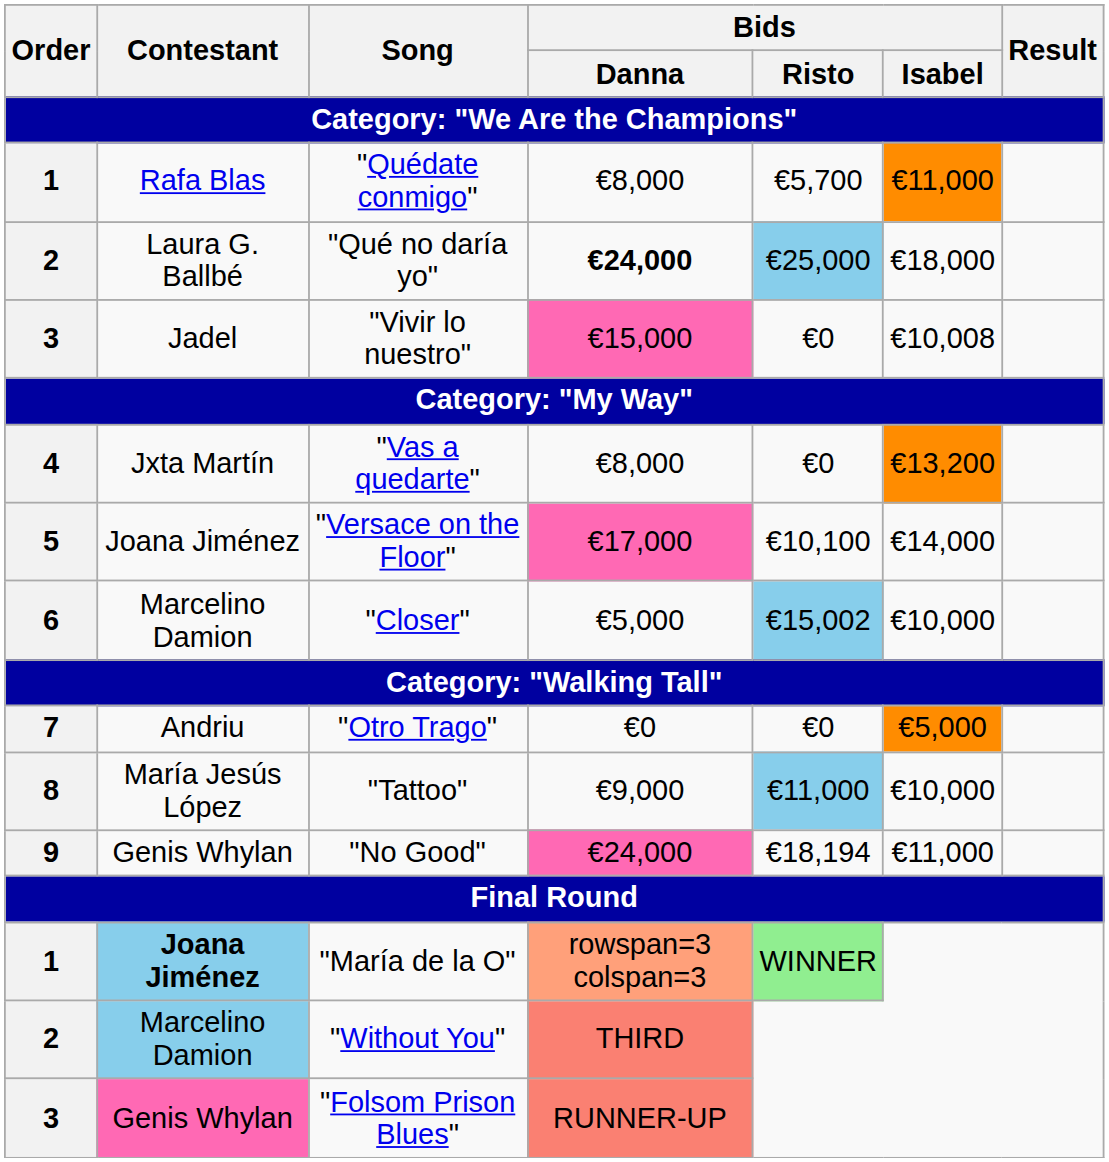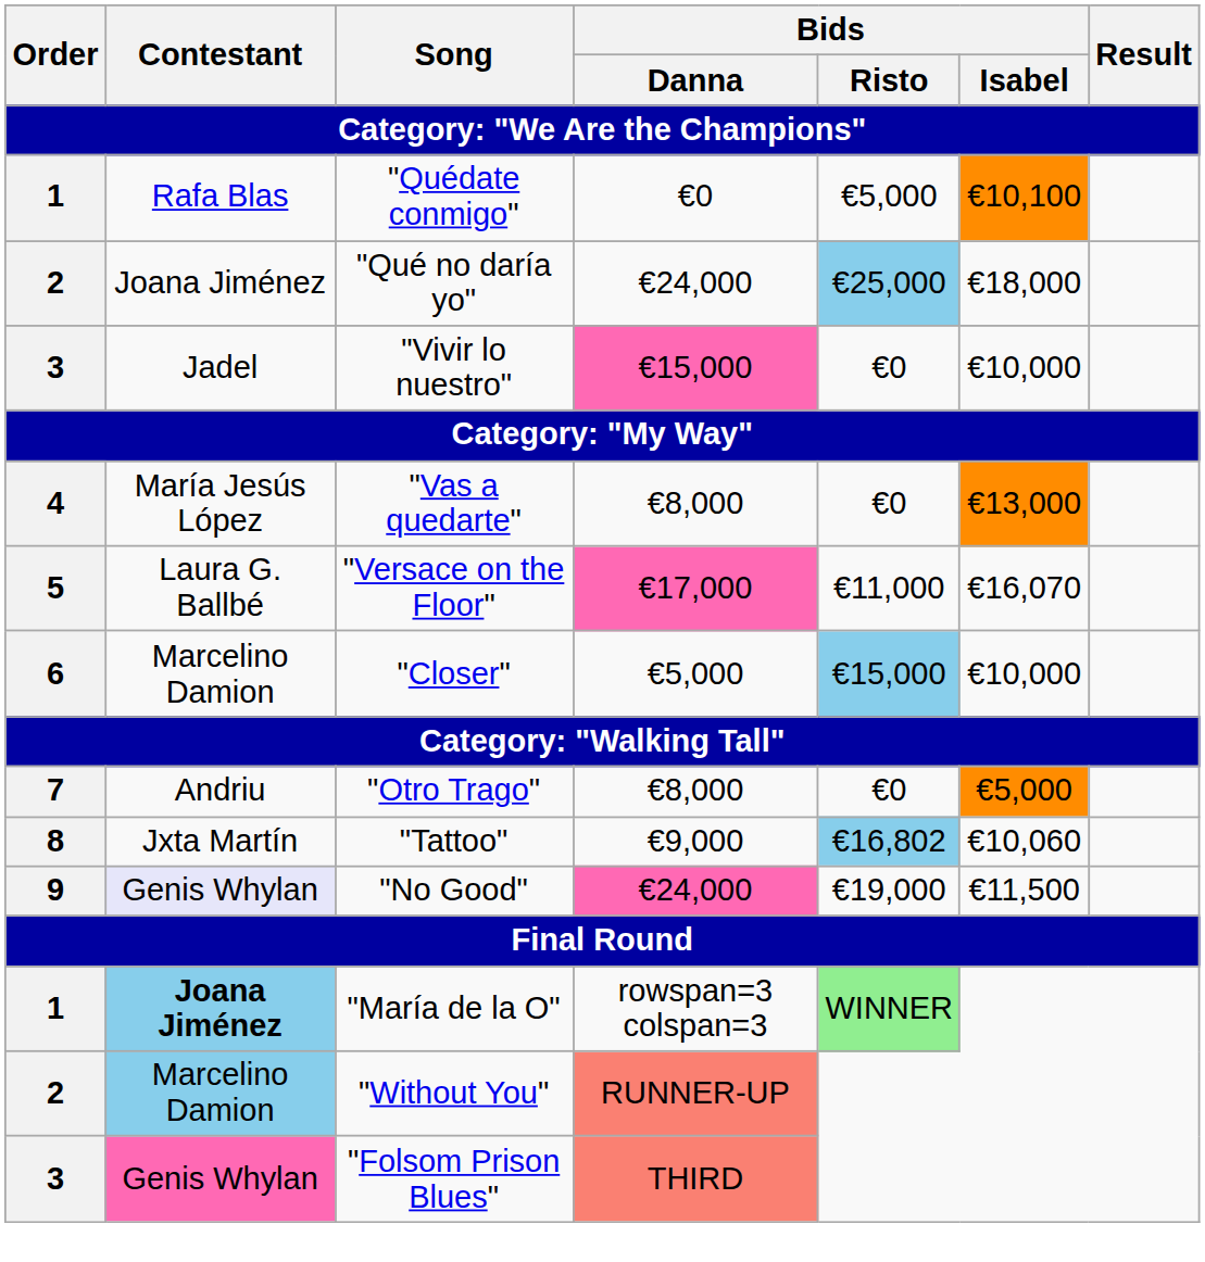 <table class=wikitable>
 <tr>
 <th rowspan=2>Order</th>
 <th rowspan=2>Contestant</th>
 <th rowspan=2>Song</th>
 <th colspan=3>Bids</th>
 <th rowspan=2>Result</th>
 </tr>
 <tr>
 <th>Danna</th>
 <th>Risto</th>
 <th>Isabel</th>
 </tr>
 <tr>
 <th scope="col" colspan="7" style="background:#0000A0; color:white;">Category: "We Are the Champions"</th>
 </tr>
 <tr align=center>
 <th>1</th>
 <td><a href='#'>Rafa Blas</a></td>
 <td>"<a href='#'>Quédate conmigo</a>"</td>
-<td>€8,000</td>
-<td>€5,700</td>
-<td bgcolor=DarkOrange>€11,000</td>
+<td>€0</td>
+<td>€5,000</td>
+<td bgcolor=DarkOrange>€10,100</td>
 <td></td>
 </tr>
 <tr align=center>
 <th>2</th>
-<td>Laura G. Ballbé</td>
+<td>Joana Jiménez</td>
 <td>"Qué no daría yo"</td>
-<td><strong>€24,000</strong></td>
+<td>€24,000</td>
 <td bgcolor=SkyBlue>€25,000</td>
 <td>€18,000</td>
 <td></td>
 </tr>
 <tr align=center>
 <th>3</th>
 <td>Jadel</td>
 <td>"Vivir lo nuestro"</td>
 <td bgcolor=#ff69b4>€15,000</td>
 <td>€0</td>
-<td>€10,008</td>
+<td>€10,000</td>
 <td></td>
 </tr>
 <tr>
 <th scope="col" colspan="7" style="background:#0000A0; color:white;">Category: "My Way"</th>
 </tr>
 <tr align=center>
 <th>4</th>
-<td>Jxta Martín</td>
+<td>María Jesús López</td>
 <td>"<a href='#'>Vas a quedarte</a>"</td>
 <td>€8,000</td>
 <td>€0</td>
-<td bgcolor=DarkOrange>€13,200</td>
+<td bgcolor=DarkOrange>€13,000</td>
 <td></td>
 </tr>
 <tr align=center>
 <th>5</th>
-<td>Joana Jiménez</td>
+<td>Laura G. Ballbé</td>
 <td>"<a href='#'>Versace on the Floor</a>"</td>
 <td bgcolor=#ff69b4>€17,000</td>
-<td>€10,100</td>
-<td>€14,000</td>
+<td>€11,000</td>
+<td>€16,070</td>
 <td></td>
 </tr>
 <tr align=center>
 <th>6</th>
 <td>Marcelino Damion</td>
 <td>"<a href='#'>Closer</a>"</td>
 <td>€5,000</td>
-<td bgcolor=SkyBlue>€15,002</td>
+<td bgcolor=SkyBlue>€15,000</td>
 <td>€10,000</td>
 <td></td>
 </tr>
 <tr>
 <th scope="col" colspan="7" style="background:#0000A0; color:white;">Category: "Walking Tall"</th>
 </tr>
 <tr align=center>
 <th>7</th>
 <td>Andriu</td>
 <td>"<a href='#'>Otro Trago</a>"</td>
-<td>€0</td>
+<td>€8,000</td>
 <td>€0</td>
 <td bgcolor=DarkOrange>€5,000</td>
 <td></td>
 </tr>
 <tr align=center>
 <th>8</th>
-<td>María Jesús López</td>
+<td>Jxta Martín</td>
 <td>"Tattoo"</td>
 <td>€9,000</td>
-<td bgcolor=SkyBlue>€11,000</td>
-<td>€10,000</td>
+<td bgcolor=SkyBlue>€16,802</td>
+<td>€10,060</td>
 <td></td>
 </tr>
 <tr align=center>
 <th>9</th>
-<td>Genis Whylan</td>
+<td style="background: lavender;">Genis Whylan</td>
 <td>"No Good"</td>
 <td bgcolor=#ff69b4>€24,000</td>
-<td>€18,194</td>
-<td>€11,000</td>
+<td>€19,000</td>
+<td>€11,500</td>
 <td></td>
 </tr>
 <tr>
 <th scope="col" colspan="7" style="background:#0000A0; color:white;">Final Round</th>
 </tr>
 <tr align=center>
 <th>1</th>
 <td bgcolor=SkyBlue><strong>Joana Jiménez</strong></td>
 <td>"María de la O"</td>
-<td style="background: lightsalmon;">rowspan=3 colspan=3 </td>
+<td>rowspan=3 colspan=3 </td>
 <td bgcolor=lightgreen>WINNER</td>
 </tr>
 <tr align=center>
 <th>2</th>
 <td bgcolor=SkyBlue>Marcelino Damion</td>
 <td>"<a href='#'>Without You</a>"</td>
-<td bgcolor=salmon>THIRD</td>
+<td bgcolor=salmon>RUNNER-UP</td>
 </tr>
 <tr align=center>
 <th>3</th>
 <td bgcolor=#ff69b4>Genis Whylan</td>
 <td>"<a href='#'>Folsom Prison Blues</a>"</td>
-<td bgcolor=salmon>RUNNER-UP</td>
+<td bgcolor=salmon>THIRD</td>
 </tr>
 </table>
